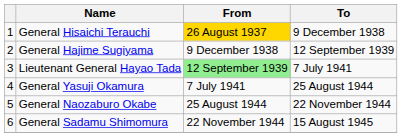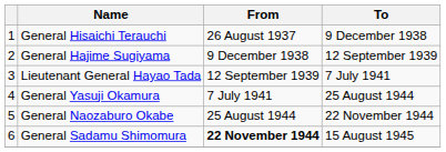 <table class=wikitable>
 <tr>
 <th></th>
 <th>Name</th>
 <th>From</th>
 <th>To</th>
 </tr>
 <tr>
 <td>1</td>
 <td>General <a href='#'>Hisaichi Terauchi</a></td>
-<td style="background: gold;">26 August 1937</td>
+<td>26 August 1937</td>
 <td>9 December 1938</td>
 </tr>
 <tr>
 <td>2</td>
 <td>General <a href='#'>Hajime Sugiyama</a></td>
 <td>9 December 1938</td>
 <td>12 September 1939</td>
 </tr>
 <tr>
 <td>3</td>
 <td>Lieutenant General <a href='#'>Hayao Tada</a></td>
-<td style="background: lightgreen;">12 September 1939</td>
+<td>12 September 1939</td>
 <td>7 July 1941</td>
 </tr>
 <tr>
 <td>4</td>
 <td>General <a href='#'>Yasuji Okamura</a></td>
 <td>7 July 1941</td>
 <td>25 August 1944</td>
 </tr>
 <tr>
 <td>5</td>
 <td>General <a href='#'>Naozaburo Okabe</a></td>
 <td>25 August 1944</td>
 <td>22 November 1944</td>
 </tr>
 <tr>
 <td>6</td>
 <td>General <a href='#'>Sadamu Shimomura</a></td>
-<td>22 November 1944</td>
+<td><strong>22 November 1944</strong></td>
 <td>15 August 1945</td>
 </tr>
 <tr>
 </tr>
 </table>
